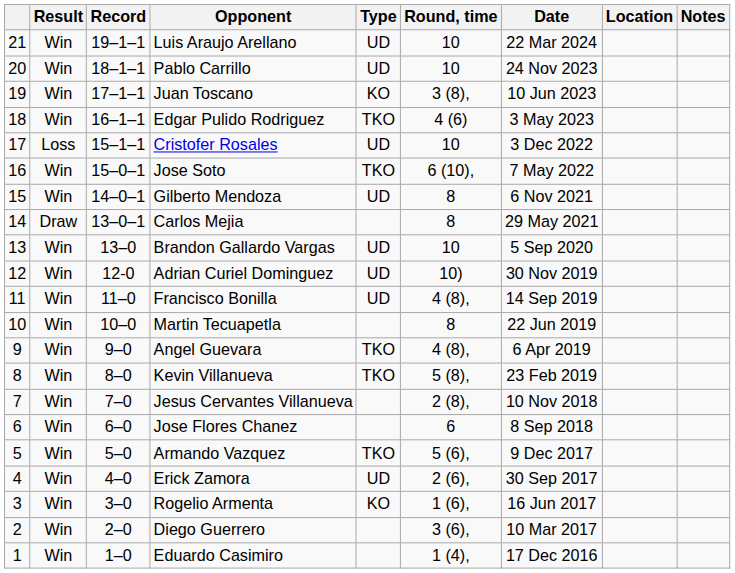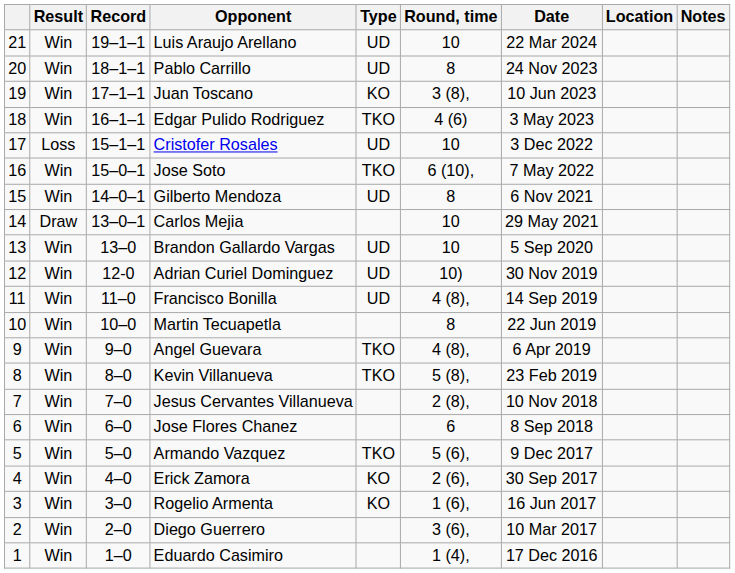 <table class="wikitable" style="text-align:center;">
 <tr>
 <th></th>
 <th>Result</th>
 <th>Record</th>
 <th>Opponent</th>
 <th>Type</th>
 <th>Round, time</th>
 <th>Date</th>
 <th>Location</th>
 <th>Notes</th>
 </tr>
 <tr>
 <td>21</td>
 <td>Win</td>
 <td>19–1–1</td>
 <td style="text-align:left;">Luis Araujo Arellano</td>
 <td>UD</td>
 <td>10</td>
 <td>22 Mar 2024</td>
 <td style="text-align:left;"></td>
 <td></td>
 </tr>
 <tr>
 <td>20</td>
 <td>Win</td>
 <td>18–1–1</td>
 <td style="text-align:left;">Pablo Carrillo</td>
 <td>UD</td>
-<td>10</td>
+<td>8</td>
 <td>24 Nov 2023</td>
 <td style="text-align:left;"></td>
 <td></td>
 </tr>
 <tr>
 <td>19</td>
 <td>Win</td>
 <td>17–1–1</td>
 <td style="text-align:left;">Juan Toscano</td>
 <td>KO</td>
 <td>3 (8), </td>
 <td>10 Jun 2023</td>
 <td style="text-align:left;"></td>
 <td></td>
 </tr>
 <tr>
 <td>18</td>
 <td>Win</td>
 <td>16–1–1</td>
 <td style="text-align:left;">Edgar Pulido Rodriguez</td>
 <td>TKO</td>
 <td>4 (6)</td>
 <td>3 May 2023</td>
 <td style="text-align:left;"></td>
 <td></td>
 </tr>
 <tr>
 <td>17</td>
 <td>Loss</td>
 <td>15–1–1</td>
 <td style="text-align:left;"><a href='#'>Cristofer Rosales</a></td>
 <td>UD</td>
 <td>10</td>
 <td>3 Dec 2022</td>
 <td style="text-align:left;"></td>
 <td style="text-align:left;"></td>
 </tr>
 <tr>
 <td>16</td>
 <td>Win</td>
 <td>15–0–1</td>
 <td style="text-align:left;">Jose Soto</td>
 <td>TKO</td>
 <td>6 (10), </td>
 <td>7 May 2022</td>
 <td style="text-align:left;"></td>
 <td style="text-align:left;"></td>
 </tr>
 <tr>
 <td>15</td>
 <td>Win</td>
 <td>14–0–1</td>
 <td style="text-align:left;">Gilberto Mendoza</td>
 <td>UD</td>
 <td>8</td>
 <td>6 Nov 2021</td>
 <td style="text-align:left;"></td>
 <td style="text-align:left;"></td>
 </tr>
 <tr>
 <td>14</td>
 <td>Draw</td>
 <td>13–0–1</td>
 <td style="text-align:left;">Carlos Mejia</td>
 <td></td>
-<td>8</td>
+<td>10</td>
 <td>29 May 2021</td>
 <td style="text-align:left;"></td>
 <td style="text-align:left;"></td>
 </tr>
 <tr>
 <td>13</td>
 <td>Win</td>
 <td>13–0</td>
 <td style="text-align:left;">Brandon Gallardo Vargas</td>
 <td>UD</td>
 <td>10</td>
 <td>5 Sep 2020</td>
 <td style="text-align:left;"></td>
 <td style="text-align:left;"></td>
 </tr>
 <tr>
 <td>12</td>
 <td>Win</td>
 <td>12-0</td>
 <td style="text-align:left;">Adrian Curiel Dominguez</td>
 <td>UD</td>
 <td>10)</td>
 <td>30 Nov 2019</td>
 <td style="text-align:left;"></td>
 <td style="text-align:left;"></td>
 </tr>
 <tr>
 <td>11</td>
 <td>Win</td>
 <td>11–0</td>
 <td style="text-align:left;">Francisco Bonilla</td>
 <td>UD</td>
 <td>4 (8), </td>
 <td>14 Sep 2019</td>
 <td style="text-align:left;"></td>
 <td style="text-align:left;"></td>
 </tr>
 <tr>
 <td>10</td>
 <td>Win</td>
 <td>10–0</td>
 <td style="text-align:left;">Martin Tecuapetla</td>
 <td></td>
 <td>8</td>
 <td>22 Jun 2019</td>
 <td style="text-align:left;"></td>
 <td style="text-align:left;"></td>
 </tr>
 <tr>
 <td>9</td>
 <td>Win</td>
 <td>9–0</td>
 <td style="text-align:left;">Angel Guevara</td>
 <td>TKO</td>
 <td>4 (8), </td>
 <td>6 Apr 2019</td>
 <td style="text-align:left;"></td>
 <td style="text-align:left;"></td>
 </tr>
 <tr>
 <td>8</td>
 <td>Win</td>
 <td>8–0</td>
 <td style="text-align:left;">Kevin Villanueva</td>
 <td>TKO</td>
 <td>5 (8), </td>
 <td>23 Feb 2019</td>
 <td style="text-align:left;"></td>
 <td style="text-align:left;"></td>
 </tr>
 <tr>
 <td>7</td>
 <td>Win</td>
 <td>7–0</td>
 <td style="text-align:left;">Jesus Cervantes Villanueva</td>
 <td></td>
 <td>2 (8), </td>
 <td>10 Nov 2018</td>
 <td style="text-align:left;"></td>
 <td style="text-align:left;"></td>
 </tr>
 <tr>
 <td>6</td>
 <td>Win</td>
 <td>6–0</td>
 <td style="text-align:left;">Jose Flores Chanez</td>
 <td></td>
 <td>6</td>
 <td>8 Sep 2018</td>
 <td style="text-align:left;"></td>
 <td style="text-align:left;"></td>
 </tr>
 <tr>
 <td>5</td>
 <td>Win</td>
 <td>5–0</td>
 <td style="text-align:left;">Armando Vazquez</td>
 <td>TKO</td>
 <td>5 (6), </td>
 <td>9 Dec 2017</td>
 <td style="text-align:left;"></td>
 <td style="text-align:left;"></td>
 </tr>
 <tr>
 <td>4</td>
 <td>Win</td>
 <td>4–0</td>
 <td style="text-align:left;">Erick Zamora</td>
-<td>UD</td>
+<td>KO</td>
 <td>2 (6), </td>
 <td>30 Sep 2017</td>
 <td style="text-align:left;"></td>
 <td style="text-align:left;"></td>
 </tr>
 <tr>
 <td>3</td>
 <td>Win</td>
 <td>3–0</td>
 <td style="text-align:left;">Rogelio Armenta</td>
 <td>KO</td>
 <td>1 (6), </td>
 <td>16 Jun 2017</td>
 <td style="text-align:left;"></td>
 <td style="text-align:left;"></td>
 </tr>
 <tr>
 <td>2</td>
 <td>Win</td>
 <td>2–0</td>
 <td style="text-align:left;">Diego Guerrero</td>
 <td></td>
 <td>3 (6), </td>
 <td>10 Mar 2017</td>
 <td style="text-align:left;"></td>
 <td style="text-align:left;"></td>
 </tr>
 <tr>
 <td>1</td>
 <td>Win</td>
 <td>1–0</td>
 <td style="text-align:left;">Eduardo Casimiro</td>
 <td></td>
 <td>1 (4), </td>
 <td>17 Dec 2016</td>
 <td style="text-align:left;"></td>
 <td style="text-align:left;"></td>
 </tr>
 </table>
